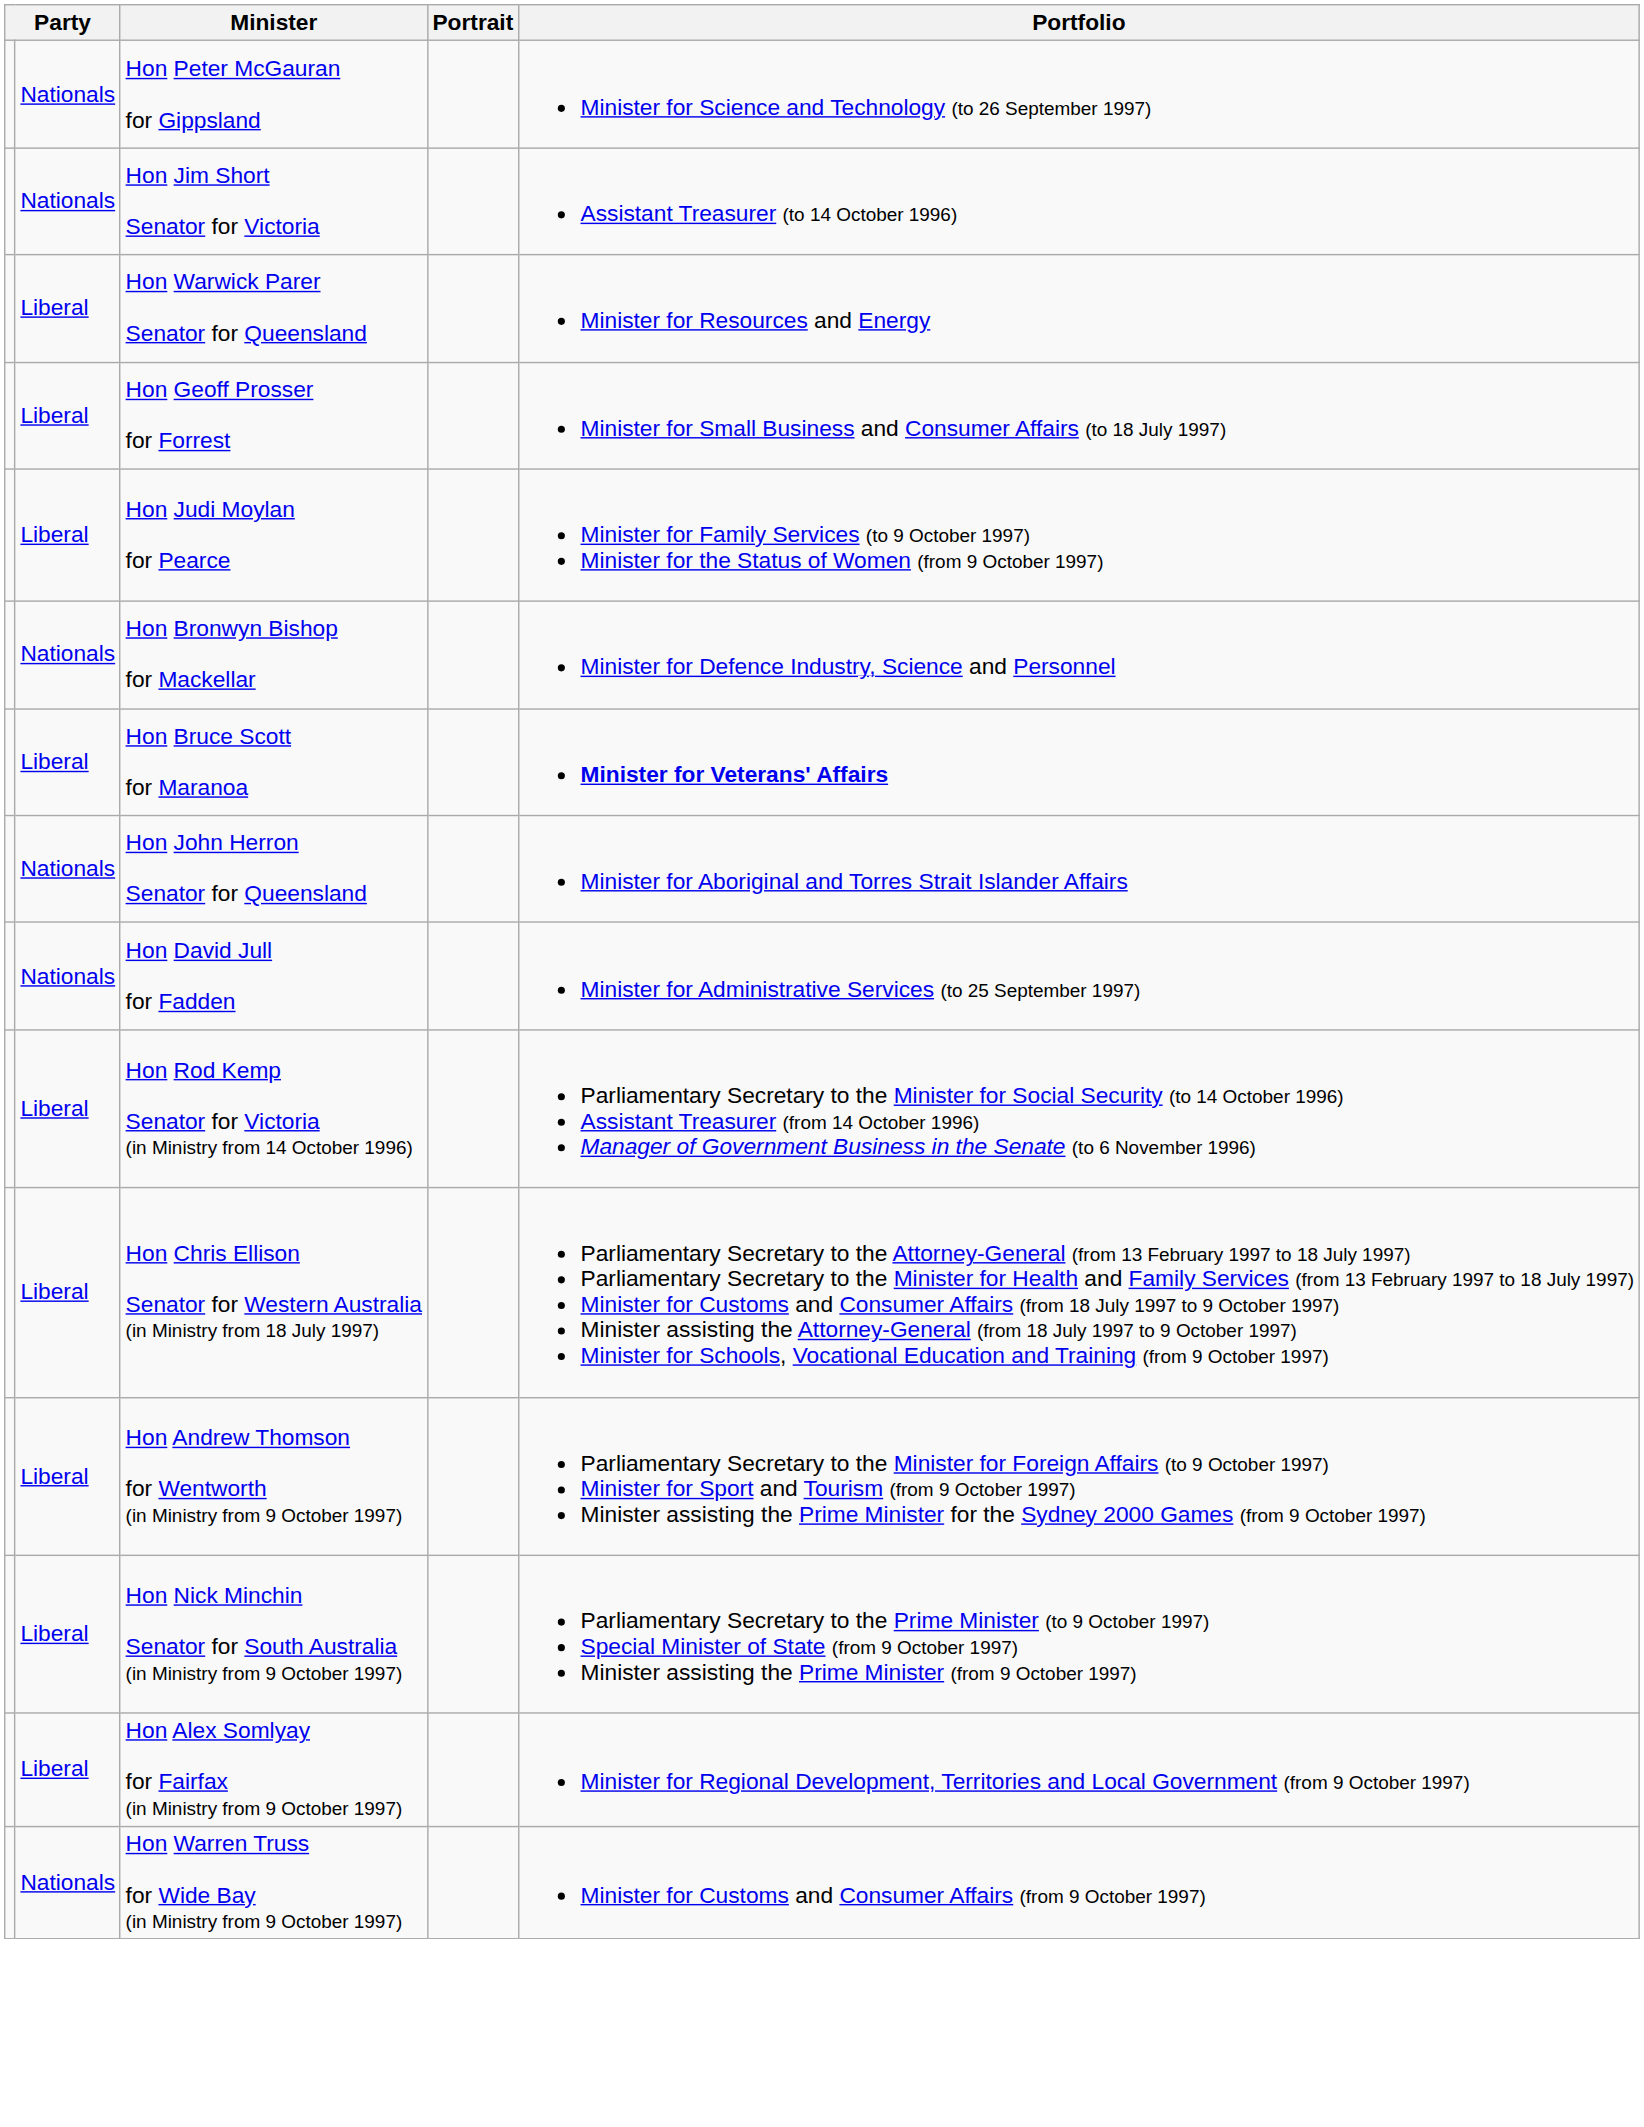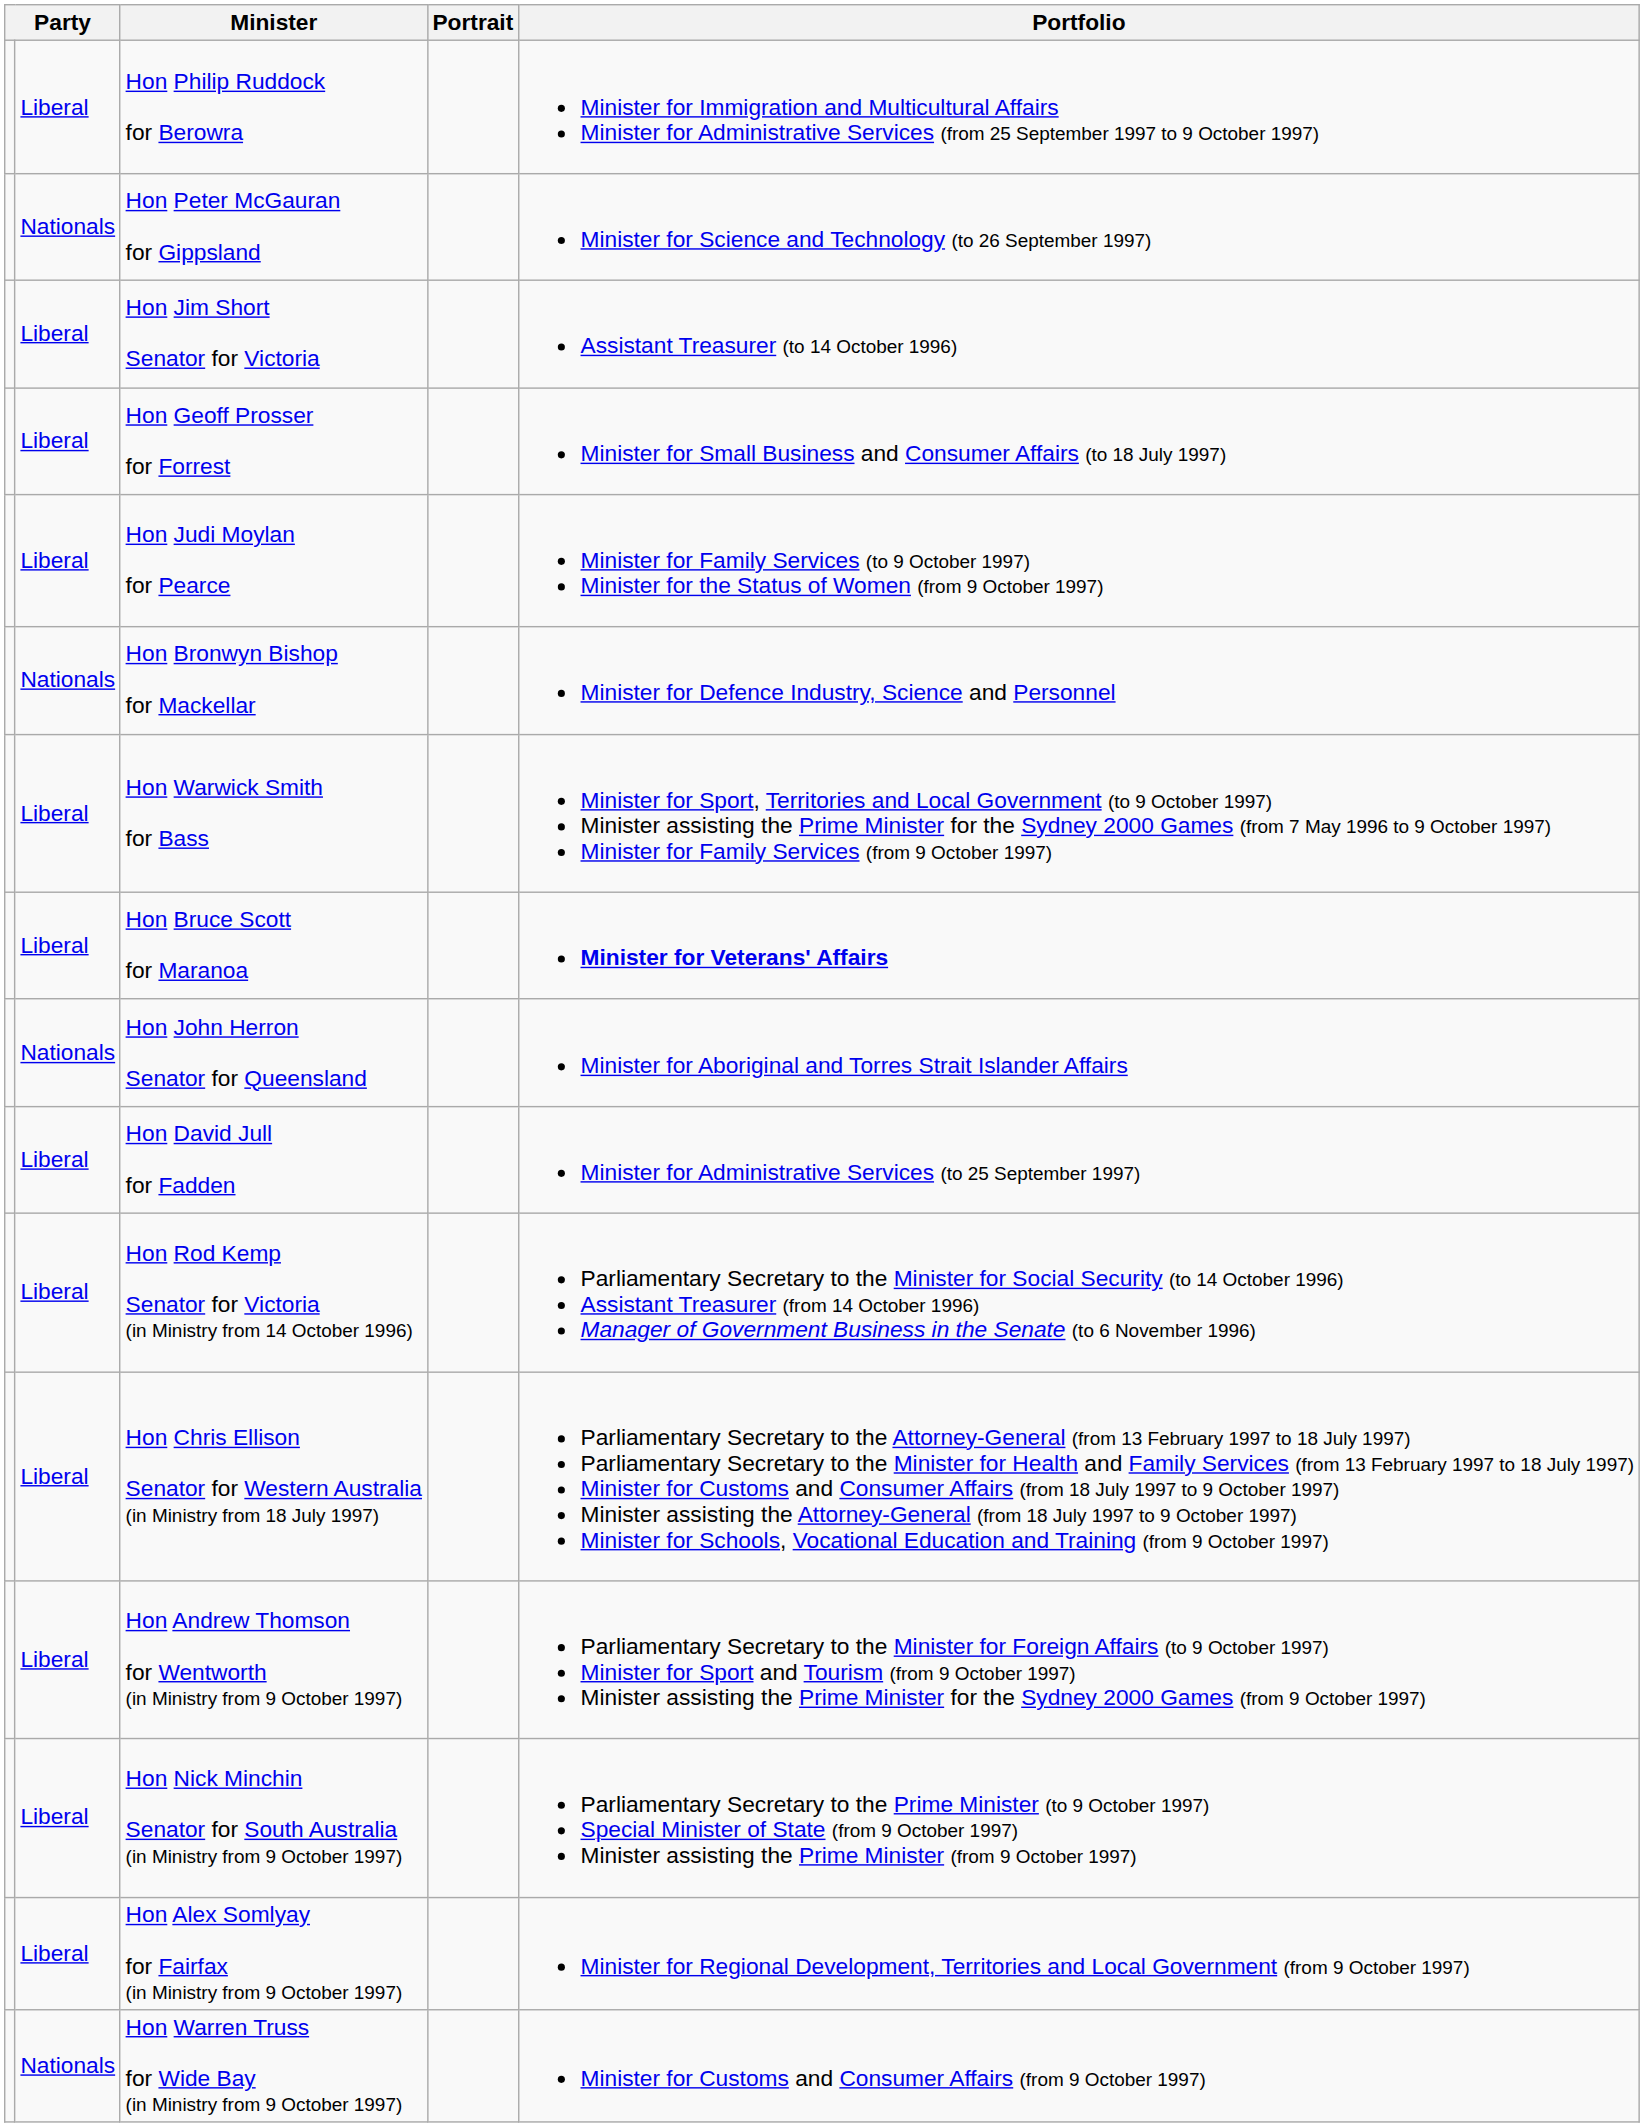 <table class="wikitable sortable">
 <tr>
 <th colspan="2">Party</th>
 <th>Minister</th>
 <th>Portrait</th>
 <th>Portfolio</th>
+</tr>
+<tr>
+<td></td>
+<td><a href='#'>Liberal</a></td>
+<td><a href='#'>Hon</a> <a href='#'>Philip Ruddock</a> <br><br> for <a href='#'>Berowra</a> <br></td>
+<td></td>
+<td><br><ul><li><a href='#'>Minister for Immigration and Multicultural Affairs</a></li><li><a href='#'>Minister for Administrative Services</a> <small>(from 25 September 1997 to 9 October 1997)</small></li></ul></td>
 </tr>
 <tr>
 <td></td>
 <td><a href='#'>Nationals</a></td>
 <td><a href='#'>Hon</a> <a href='#'>Peter McGauran</a> <br><br> for <a href='#'>Gippsland</a> <br></td>
 <td></td>
 <td><br><ul><li><a href='#'>Minister for Science and Technology</a> <small>(to 26 September 1997)</small></li></ul></td>
 </tr>
 <tr>
 <td></td>
-<td><a href='#'>Nationals</a></td>
+<td><a href='#'>Liberal</a></td>
 <td><a href='#'>Hon</a> <a href='#'>Jim Short</a> <br><br><a href='#'>Senator</a> for <a href='#'>Victoria</a> <br></td>
 <td></td>
 <td><br><ul><li><a href='#'>Assistant Treasurer</a> <small>(to 14 October 1996)</small></li></ul></td>
-</tr>
-<tr>
-<td></td>
-<td><a href='#'>Liberal</a></td>
-<td><a href='#'>Hon</a> <a href='#'>Warwick Parer</a> <br><br><a href='#'>Senator</a> for <a href='#'>Queensland</a> <br></td>
-<td></td>
-<td><br><ul><li><a href='#'>Minister for Resources</a> and <a href='#'>Energy</a></li></ul></td>
 </tr>
 <tr>
 <td></td>
 <td><a href='#'>Liberal</a></td>
 <td><a href='#'>Hon</a> <a href='#'>Geoff Prosser</a> <br><br> for <a href='#'>Forrest</a> <br></td>
 <td></td>
 <td><br><ul><li><a href='#'>Minister for Small Business</a> and <a href='#'>Consumer Affairs</a> <small>(to 18 July 1997)</small></li></ul></td>
 </tr>
 <tr>
 <td></td>
 <td><a href='#'>Liberal</a></td>
 <td><a href='#'>Hon</a> <a href='#'>Judi Moylan</a> <br><br> for <a href='#'>Pearce</a> <br></td>
 <td></td>
 <td><br><ul><li><a href='#'>Minister for Family Services</a> <small>(to 9 October 1997)</small></li><li><a href='#'>Minister for the Status of Women</a> <small>(from 9 October 1997)</small></li></ul></td>
 </tr>
 <tr>
 <td></td>
 <td><a href='#'>Nationals</a></td>
 <td><a href='#'>Hon</a> <a href='#'>Bronwyn Bishop</a> <br><br> for <a href='#'>Mackellar</a> <br></td>
 <td></td>
 <td><br><ul><li><a href='#'>Minister for Defence Industry, Science</a> and <a href='#'>Personnel</a></li></ul></td>
 </tr>
 <tr>
 <td></td>
 <td><a href='#'>Liberal</a></td>
+<td><a href='#'>Hon</a> <a href='#'>Warwick Smith</a> <br><br> for <a href='#'>Bass</a> <br></td>
+<td></td>
+<td><br><ul><li><a href='#'>Minister for Sport</a>, <a href='#'>Territories and Local Government</a> <small>(to 9 October 1997)</small></li><li>Minister assisting the <a href='#'>Prime Minister</a> for the <a href='#'>Sydney 2000 Games</a> <small>(from 7 May 1996 to 9 October 1997)</small></li><li><a href='#'>Minister for Family Services</a> <small>(from 9 October 1997)</small></li></ul></td>
+</tr>
+<tr>
+<td></td>
+<td><a href='#'>Liberal</a></td>
 <td><a href='#'>Hon</a> <a href='#'>Bruce Scott</a> <br><br> for <a href='#'>Maranoa</a> <br></td>
 <td></td>
 <td><strong><br><ul><li><a href='#'>Minister for Veterans' Affairs</a></li></ul></strong></td>
 </tr>
 <tr>
 <td></td>
 <td><a href='#'>Nationals</a></td>
 <td><a href='#'>Hon</a> <a href='#'>John Herron</a> <br><br><a href='#'>Senator</a> for <a href='#'>Queensland</a> <br></td>
 <td></td>
 <td><br><ul><li><a href='#'>Minister for Aboriginal and Torres Strait Islander Affairs</a></li></ul></td>
 </tr>
 <tr>
 <td></td>
-<td><a href='#'>Nationals</a></td>
+<td><a href='#'>Liberal</a></td>
 <td><a href='#'>Hon</a> <a href='#'>David Jull</a> <br><br> for <a href='#'>Fadden</a> <br></td>
 <td></td>
 <td><br><ul><li><a href='#'>Minister for Administrative Services</a> <small>(to 25 September 1997)</small></li></ul></td>
 </tr>
 <tr>
 <td></td>
 <td><a href='#'>Liberal</a></td>
 <td><a href='#'>Hon</a> <a href='#'>Rod Kemp</a> <br><br><a href='#'>Senator</a> for <a href='#'>Victoria</a> <br> <small>(in Ministry from 14 October 1996)</small></td>
 <td></td>
 <td><br><ul><li>Parliamentary Secretary to the <a href='#'>Minister for Social Security</a> <small>(to 14 October 1996)</small></li><li><a href='#'>Assistant Treasurer</a> <small>(from 14 October 1996)</small></li><li><em><a href='#'>Manager of Government Business in the Senate</a></em> <small>(to 6 November 1996)</small></li></ul></td>
 </tr>
 <tr>
 <td></td>
 <td><a href='#'>Liberal</a></td>
 <td><a href='#'>Hon</a> <a href='#'>Chris Ellison</a> <br><br><a href='#'>Senator</a> for <a href='#'>Western Australia</a> <br> <small>(in Ministry from 18 July 1997)</small></td>
 <td></td>
 <td><br><ul><li>Parliamentary Secretary to the <a href='#'>Attorney-General</a> <small>(from 13 February 1997 to 18 July 1997)</small></li><li>Parliamentary Secretary to the <a href='#'>Minister for Health</a> and <a href='#'>Family Services</a> <small>(from 13 February 1997 to 18 July 1997)</small></li><li><a href='#'>Minister for Customs</a> and <a href='#'>Consumer Affairs</a> <small>(from 18 July 1997 to 9 October 1997)</small></li><li>Minister assisting the <a href='#'>Attorney-General</a> <small>(from 18 July 1997 to 9 October 1997)</small></li><li><a href='#'>Minister for Schools</a>, <a href='#'>Vocational Education and Training</a> <small>(from 9 October 1997)</small></li></ul></td>
 </tr>
 <tr>
 <td></td>
 <td><a href='#'>Liberal</a></td>
 <td><a href='#'>Hon</a> <a href='#'>Andrew Thomson</a> <br><br> for <a href='#'>Wentworth</a> <br> <small>(in Ministry from 9 October 1997)</small></td>
 <td></td>
 <td><br><ul><li>Parliamentary Secretary to the <a href='#'>Minister for Foreign Affairs</a> <small>(to 9 October 1997)</small></li><li><a href='#'>Minister for Sport</a> and <a href='#'>Tourism</a> <small>(from 9 October 1997)</small></li><li>Minister assisting the <a href='#'>Prime Minister</a> for the <a href='#'>Sydney 2000 Games</a> <small>(from 9 October 1997)</small></li></ul></td>
 </tr>
 <tr>
 <td></td>
 <td><a href='#'>Liberal</a></td>
 <td><a href='#'>Hon</a> <a href='#'>Nick Minchin</a> <br><br><a href='#'>Senator</a> for <a href='#'>South Australia</a> <br> <small>(in Ministry from 9 October 1997)</small></td>
 <td></td>
 <td><br><ul><li>Parliamentary Secretary to the <a href='#'>Prime Minister</a> <small>(to 9 October 1997)</small></li><li><a href='#'>Special Minister of State</a> <small>(from 9 October 1997)</small></li><li>Minister assisting the <a href='#'>Prime Minister</a> <small>(from 9 October 1997)</small></li></ul></td>
 </tr>
 <tr>
 <td></td>
 <td><a href='#'>Liberal</a></td>
 <td><a href='#'>Hon</a> <a href='#'>Alex Somlyay</a> <br><br> for <a href='#'>Fairfax</a> <br> <small>(in Ministry from 9 October 1997)</small></td>
 <td></td>
 <td><br><ul><li><a href='#'>Minister for Regional Development, Territories and Local Government</a> <small>(from 9 October 1997)</small></li></ul></td>
 </tr>
 <tr>
 <td></td>
 <td><a href='#'>Nationals</a></td>
 <td><a href='#'>Hon</a> <a href='#'>Warren Truss</a> <br><br> for <a href='#'>Wide Bay</a> <br> <small>(in Ministry from 9 October 1997)</small></td>
 <td></td>
 <td><br><ul><li><a href='#'>Minister for Customs</a> and <a href='#'>Consumer Affairs</a> <small>(from 9 October 1997)</small></li></ul></td>
 </tr>
 </table>
